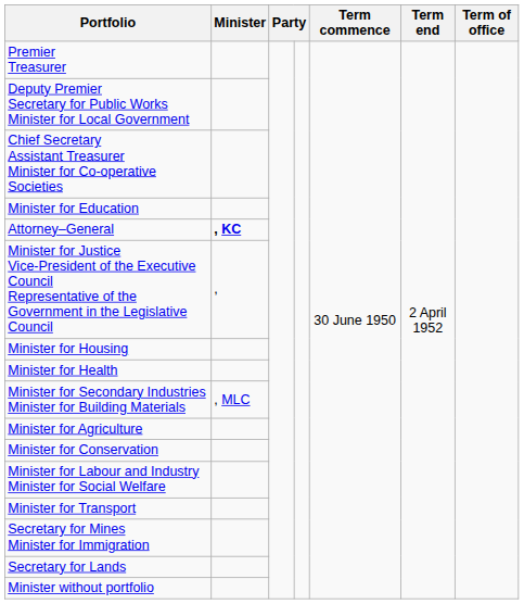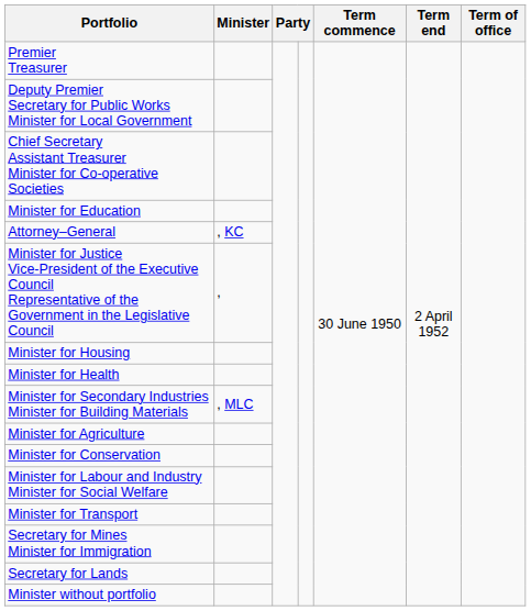 <table class="wikitable sortable">
 <tr>
 <th>Portfolio</th>
 <th>Minister</th>
 <th colspan="2">Party</th>
 <th>Term commence</th>
 <th>Term end</th>
 <th>Term of office</th>
 </tr>
 <tr>
 <td><a href='#'>Premier</a><br><a href='#'>Treasurer</a></td>
 <td></td>
 <td rowspan=16 > </td>
 <td rowspan=16></td>
 <td rowspan=16 align=center>30 June 1950</td>
 <td rowspan=16 align=center>2 April 1952</td>
 <td rowspan=16 align=right></td>
 </tr>
 <tr>
 <td><a href='#'>Deputy Premier</a><br><a href='#'>Secretary for Public Works</a><br><a href='#'>Minister for Local Government</a></td>
 <td></td>
 </tr>
 <tr>
 <td><a href='#'>Chief Secretary</a><br><a href='#'>Assistant Treasurer</a><br><a href='#'>Minister for Co-operative Societies</a></td>
 <td></td>
 </tr>
 <tr>
 <td><a href='#'>Minister for Education</a></td>
 <td></td>
 </tr>
 <tr>
 <td><a href='#'>Attorney–General</a></td>
-<td><strong>, <a href='#'>KC</a></strong></td>
+<td>, <a href='#'>KC</a></td>
 </tr>
 <tr>
 <td><a href='#'>Minister for Justice</a><br><a href='#'>Vice-President of the Executive Council</a><br><a href='#'>Representative of the Government in the Legislative Council</a></td>
 <td>, </td>
 </tr>
 <tr>
 <td><a href='#'>Minister for Housing</a></td>
 <td></td>
 </tr>
 <tr>
 <td><a href='#'>Minister for Health</a></td>
 <td></td>
 </tr>
 <tr>
 <td><a href='#'>Minister for Secondary Industries<br>Minister for Building Materials</a></td>
 <td>, <a href='#'>MLC</a></td>
 </tr>
 <tr>
 <td><a href='#'>Minister for Agriculture</a></td>
 <td></td>
 </tr>
 <tr>
 <td><a href='#'>Minister for Conservation</a></td>
 <td></td>
 </tr>
 <tr>
 <td><a href='#'>Minister for Labour and Industry</a><br><a href='#'>Minister for Social Welfare</a></td>
 <td></td>
 </tr>
 <tr>
 <td><a href='#'>Minister for Transport</a></td>
 <td></td>
 </tr>
 <tr>
 <td><a href='#'>Secretary for Mines</a><br><a href='#'>Minister for Immigration</a></td>
 <td></td>
 </tr>
 <tr>
 <td><a href='#'>Secretary for Lands</a></td>
 <td></td>
 </tr>
 <tr>
 <td><a href='#'>Minister without portfolio</a></td>
 <td></td>
 </tr>
 </table>
